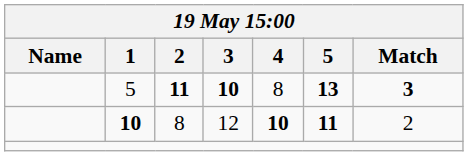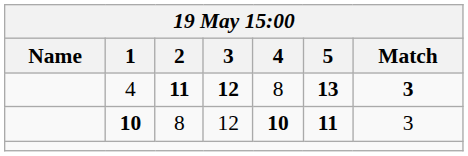 <table class=wikitable style="text-align:center; width: 55%">
 <tr>
 <th colspan=17><em>19 May 15:00</em></th>
 </tr>
 <tr>
 <th>Name</th>
 <th>1</th>
 <th>2</th>
 <th>3</th>
 <th>4</th>
 <th>5</th>
 <th>Match</th>
 </tr>
 <tr>
 <td style="text-align:left;"><strong></strong></td>
-<td>5</td>
+<td>4</td>
 <td><strong>11</strong></td>
-<td><strong>10</strong></td>
+<td><strong>12</strong></td>
 <td>8</td>
 <td><strong>13</strong></td>
 <td><strong>3</strong></td>
 </tr>
 <tr>
 <td style="text-align:left;"></td>
 <td><strong>10</strong></td>
 <td>8</td>
 <td>12</td>
 <td><strong>10</strong></td>
 <td><strong>11</strong></td>
-<td>2</td>
+<td>3</td>
 </tr>
 <tr>
 <td colspan=17></td>
 </tr>
 </table>
